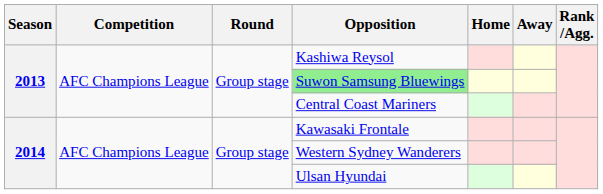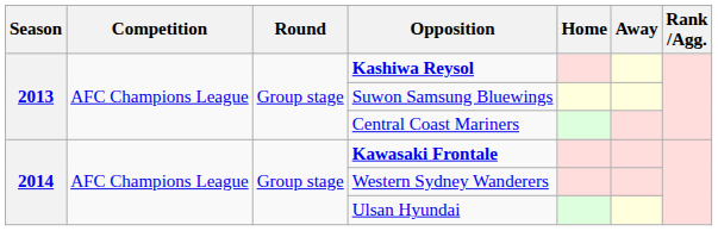 <table class="wikitable plainrowheaders">
 <tr>
 <th scope="col">Season</th>
 <th scope="col">Competition</th>
 <th scope="col">Round</th>
 <th scope="col">Opposition</th>
 <th scope="col">Home</th>
 <th scope="col">Away</th>
 <th scope="col">Rank<br>/Agg.</th>
 </tr>
 <tr>
 <th rowspan="3" scope="row" style="text-align:center"><a href='#'>2013</a></th>
 <td rowspan="3"><a href='#'>AFC Champions League</a></td>
 <td rowspan="3"><a href='#'>Group stage</a></td>
-<td> <a href='#'>Kashiwa Reysol</a></td>
+<td><strong> <a href='#'>Kashiwa Reysol</a></strong></td>
 <td style="background:#fdd;"></td>
 <td style="background:#ffd;"></td>
 <td rowspan="3" style="background:#fdd;"></td>
 </tr>
 <tr>
-<td style="background: lightgreen;"> <a href='#'>Suwon Samsung Bluewings</a></td>
+<td> <a href='#'>Suwon Samsung Bluewings</a></td>
 <td style="background:#ffd;"></td>
 <td style="background:#ffd;"></td>
 </tr>
 <tr>
 <td> <a href='#'>Central Coast Mariners</a></td>
 <td style="background:#dfd;"></td>
 <td style="background:#fdd;"></td>
 </tr>
 <tr>
 <th rowspan="3" scope="row" style="text-align:center"><a href='#'>2014</a></th>
 <td rowspan="3"><a href='#'>AFC Champions League</a></td>
 <td rowspan="3"><a href='#'>Group stage</a></td>
-<td> <a href='#'>Kawasaki Frontale</a></td>
+<td><strong> <a href='#'>Kawasaki Frontale</a></strong></td>
 <td style="background:#fdd;"></td>
 <td style="background:#fdd;"></td>
 <td rowspan="3" style="background:#fdd;"></td>
 </tr>
 <tr>
 <td> <a href='#'>Western Sydney Wanderers</a></td>
 <td style="background:#fdd;"></td>
 <td style="background:#fdd;"></td>
 </tr>
 <tr>
 <td> <a href='#'>Ulsan Hyundai</a></td>
 <td style="background:#dfd;"></td>
 <td style="background:#ffd;"></td>
 </tr>
 </table>
